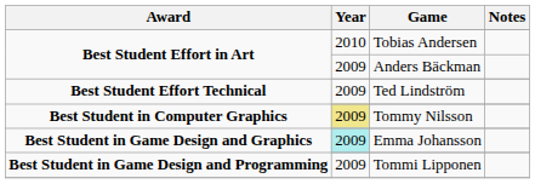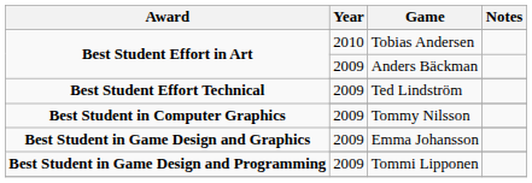 <table class="wikitable">
 <tr>
 <th>Award</th>
 <th>Year</th>
 <th>Game</th>
 <th>Notes</th>
 </tr>
 <tr>
 <td rowspan="3" style="text-align:center"><strong>Best Student Effort in Art</strong></td>
 </tr>
 <tr>
 <td style="text-align:center">2010</td>
 <td>Tobias Andersen</td>
 <td></td>
 </tr>
 <tr>
 <td style="text-align:center">2009</td>
 <td>Anders Bäckman</td>
 <td></td>
 </tr>
 <tr>
 <td rowspan="2" style="text-align:center"><strong>Best Student Effort Technical</strong></td>
 </tr>
 <tr>
 <td style="text-align:center">2009</td>
 <td>Ted Lindström</td>
 <td></td>
 </tr>
 <tr>
 <td rowspan="2" style="text-align:center"><strong>Best Student in Computer Graphics</strong></td>
 </tr>
 <tr>
-<td style="background: khaki; text-align:center">2009</td>
+<td style="text-align:center">2009</td>
 <td>Tommy Nilsson</td>
 <td></td>
 </tr>
 <tr>
 <td rowspan="2" style="text-align:center"><strong>Best Student in Game Design and Graphics</strong></td>
 </tr>
 <tr>
-<td style="background: paleturquoise; text-align:center">2009</td>
+<td style="text-align:center">2009</td>
 <td>Emma Johansson</td>
 <td></td>
 </tr>
 <tr>
 <td rowspan="2" style="text-align:center"><strong>Best Student in Game Design and Programming</strong></td>
 </tr>
 <tr>
 <td style="text-align:center">2009</td>
 <td>Tommi Lipponen</td>
 <td></td>
 </tr>
 <tr>
 </tr>
 </table>
